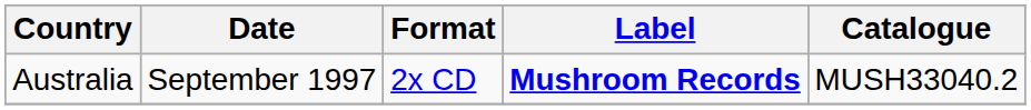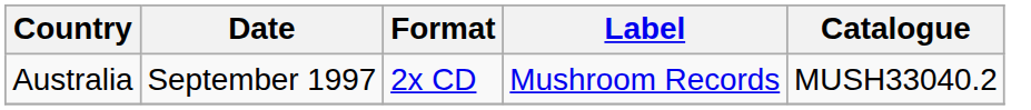 <table class="wikitable plainrowheaders sortable">
 <tr>
 <th scope="col">Country</th>
 <th scope="col">Date</th>
 <th scope="col">Format</th>
 <th scope="col"><a href='#'>Label</a></th>
 <th scope="col">Catalogue</th>
 </tr>
 <tr>
 <td>Australia</td>
 <td>September 1997</td>
 <td><a href='#'>2x CD</a></td>
-<td><strong><a href='#'>Mushroom Records</a></strong></td>
+<td><a href='#'>Mushroom Records</a></td>
 <td>MUSH33040.2</td>
 </tr>
 <tr>
 </tr>
 </table>
